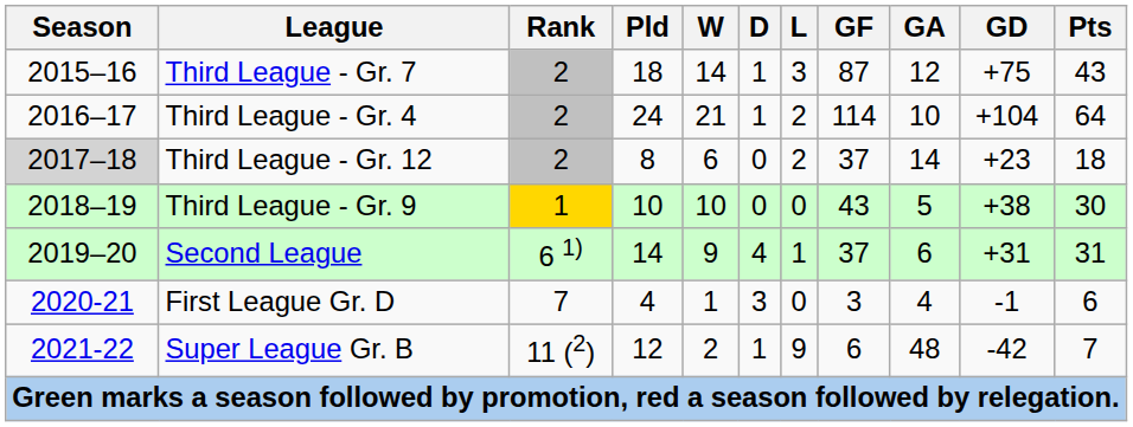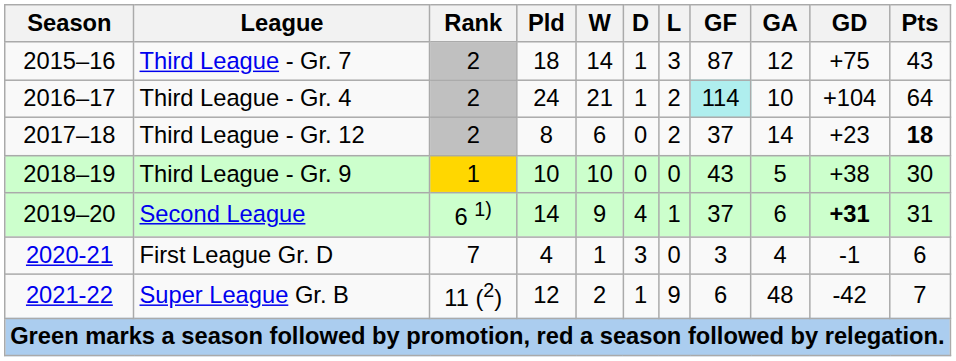 <table class="wikitable">
 <tr>
 <th>Season</th>
 <th>League</th>
 <th>Rank</th>
 <th>Pld</th>
 <th>W</th>
 <th>D</th>
 <th>L</th>
 <th>GF</th>
 <th>GA</th>
 <th>GD</th>
 <th>Pts</th>
 </tr>
 <tr align=center>
 <td>2015–16</td>
 <td align=left><a href='#'>Third League</a> -  Gr. 7</td>
 <td bgcolor=silver>2</td>
 <td>18</td>
 <td>14</td>
 <td>1</td>
 <td>3</td>
 <td>87</td>
 <td>12</td>
 <td>+75</td>
 <td>43</td>
 </tr>
 <tr align=center>
 <td>2016–17</td>
 <td align=left>Third League -  Gr. 4</td>
 <td bgcolor=silver>2</td>
 <td>24</td>
 <td>21</td>
 <td>1</td>
 <td>2</td>
-<td>114</td>
+<td style="background: paleturquoise;">114</td>
 <td>10</td>
 <td>+104</td>
 <td>64</td>
 </tr>
 <tr align=center>
-<td style="background: lightgrey;">2017–18</td>
+<td>2017–18</td>
 <td align=left>Third League -  Gr. 12</td>
 <td bgcolor=silver>2</td>
 <td>8</td>
 <td>6</td>
 <td>0</td>
 <td>2</td>
 <td>37</td>
 <td>14</td>
 <td>+23</td>
-<td>18</td>
+<td><strong>18</strong></td>
 </tr>
 <tr align=center bgcolor=#ccffcc>
 <td>2018–19</td>
 <td align=left>Third League -  Gr. 9</td>
 <td bgcolor=gold>1</td>
 <td>10</td>
 <td>10</td>
 <td>0</td>
 <td>0</td>
 <td>43</td>
 <td>5</td>
 <td>+38</td>
 <td>30</td>
 </tr>
 <tr align=center bgcolor=#ccffcc>
 <td>2019–20</td>
 <td align=left><a href='#'>Second League</a></td>
 <td>6 <sup>1)</sup></td>
 <td>14</td>
 <td>9</td>
 <td>4</td>
 <td>1</td>
 <td>37</td>
 <td>6</td>
-<td>+31</td>
+<td><strong>+31</strong></td>
 <td>31</td>
 </tr>
 <tr align=center>
 <td><a href='#'>2020-21</a></td>
 <td align=left>First League Gr. D</td>
 <td>7</td>
 <td>4</td>
 <td>1</td>
 <td>3</td>
 <td>0</td>
 <td>3</td>
 <td>4</td>
 <td>-1</td>
 <td>6</td>
 </tr>
 <tr align=center>
 <td><a href='#'>2021-22</a></td>
 <td align=left><a href='#'>Super League</a> Gr. B</td>
 <td>11 (<sup>2</sup>)</td>
 <td>12</td>
 <td>2</td>
 <td>1</td>
 <td>9</td>
 <td>6</td>
 <td>48</td>
 <td>-42</td>
 <td>7</td>
 </tr>
 <tr bgcolor=#abcdef>
 <td colspan=11 align=center><strong>Green marks a season followed by promotion, red a season followed by relegation.</strong></td>
 </tr>
 </table>
